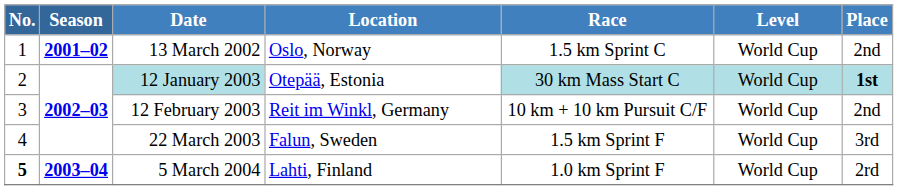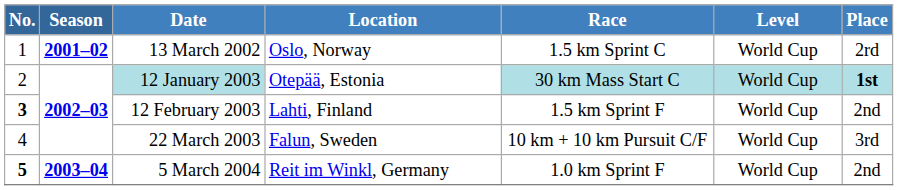 <table class="wikitable sortable" style="font-size:95%; text-align:center; border:grey solid 1px; border-collapse:collapse; background:#ffffff;">
 <tr style="background:#efefef;">
 <th style="background-color:#369; color:white;">No.</th>
 <th style="background-color:#369; color:white;">Season</th>
 <th style="background-color:#4180be; color:white; width:120px;">Date</th>
 <th style="background-color:#4180be; color:white; width:190px;">Location</th>
 <th style="background-color:#4180be; color:white; width:170px;">Race</th>
 <th style="background-color:#4180be; color:white; width:100px;">Level</th>
 <th style="background-color:#4180be; color:white;">Place</th>
 </tr>
 <tr>
 <td align=center>1</td>
 <td rowspan=1 align=center><strong><a href='#'>2001–02</a></strong></td>
 <td align=right>13 March 2002</td>
 <td align=left> <a href='#'>Oslo</a>, Norway</td>
 <td>1.5 km Sprint C</td>
 <td>World Cup</td>
-<td>2nd</td>
+<td>2rd</td>
 </tr>
 <tr>
 <td align=center>2</td>
 <td rowspan=3 align=center><strong><a href='#'>2002–03</a></strong></td>
 <td bgcolor="#BOEOE6" align=right>12 January 2003</td>
 <td align=left> <a href='#'>Otepää</a>, Estonia</td>
 <td bgcolor="#BOEOE6">30 km Mass Start C</td>
 <td bgcolor="#BOEOE6">World Cup</td>
 <td bgcolor="#BOEOE6"><strong>1st</strong></td>
 </tr>
 <tr>
-<td align=center>3</td>
+<td align=center><strong>3</strong></td>
 <td align=right>12 February 2003</td>
-<td align=left> <a href='#'>Reit im Winkl</a>, Germany</td>
-<td>10 km + 10 km Pursuit C/F</td>
+<td align=left> <a href='#'>Lahti</a>, Finland</td>
+<td>1.5 km Sprint F</td>
 <td>World Cup</td>
 <td>2nd</td>
 </tr>
 <tr>
 <td align=center>4</td>
 <td align=right>22 March 2003</td>
 <td align=left> <a href='#'>Falun</a>, Sweden</td>
-<td>1.5 km Sprint F</td>
+<td>10 km + 10 km Pursuit C/F</td>
 <td>World Cup</td>
 <td>3rd</td>
 </tr>
 <tr>
 <td align=center><strong>5</strong></td>
 <td rowspan=1 align=center><strong><a href='#'>2003–04</a></strong></td>
 <td align=right>5 March 2004</td>
-<td align=left> <a href='#'>Lahti</a>, Finland</td>
+<td align=left> <a href='#'>Reit im Winkl</a>, Germany</td>
 <td>1.0 km Sprint F</td>
 <td>World Cup</td>
-<td>2rd</td>
+<td>2nd</td>
 </tr>
 <tr>
 </tr>
 </table>
